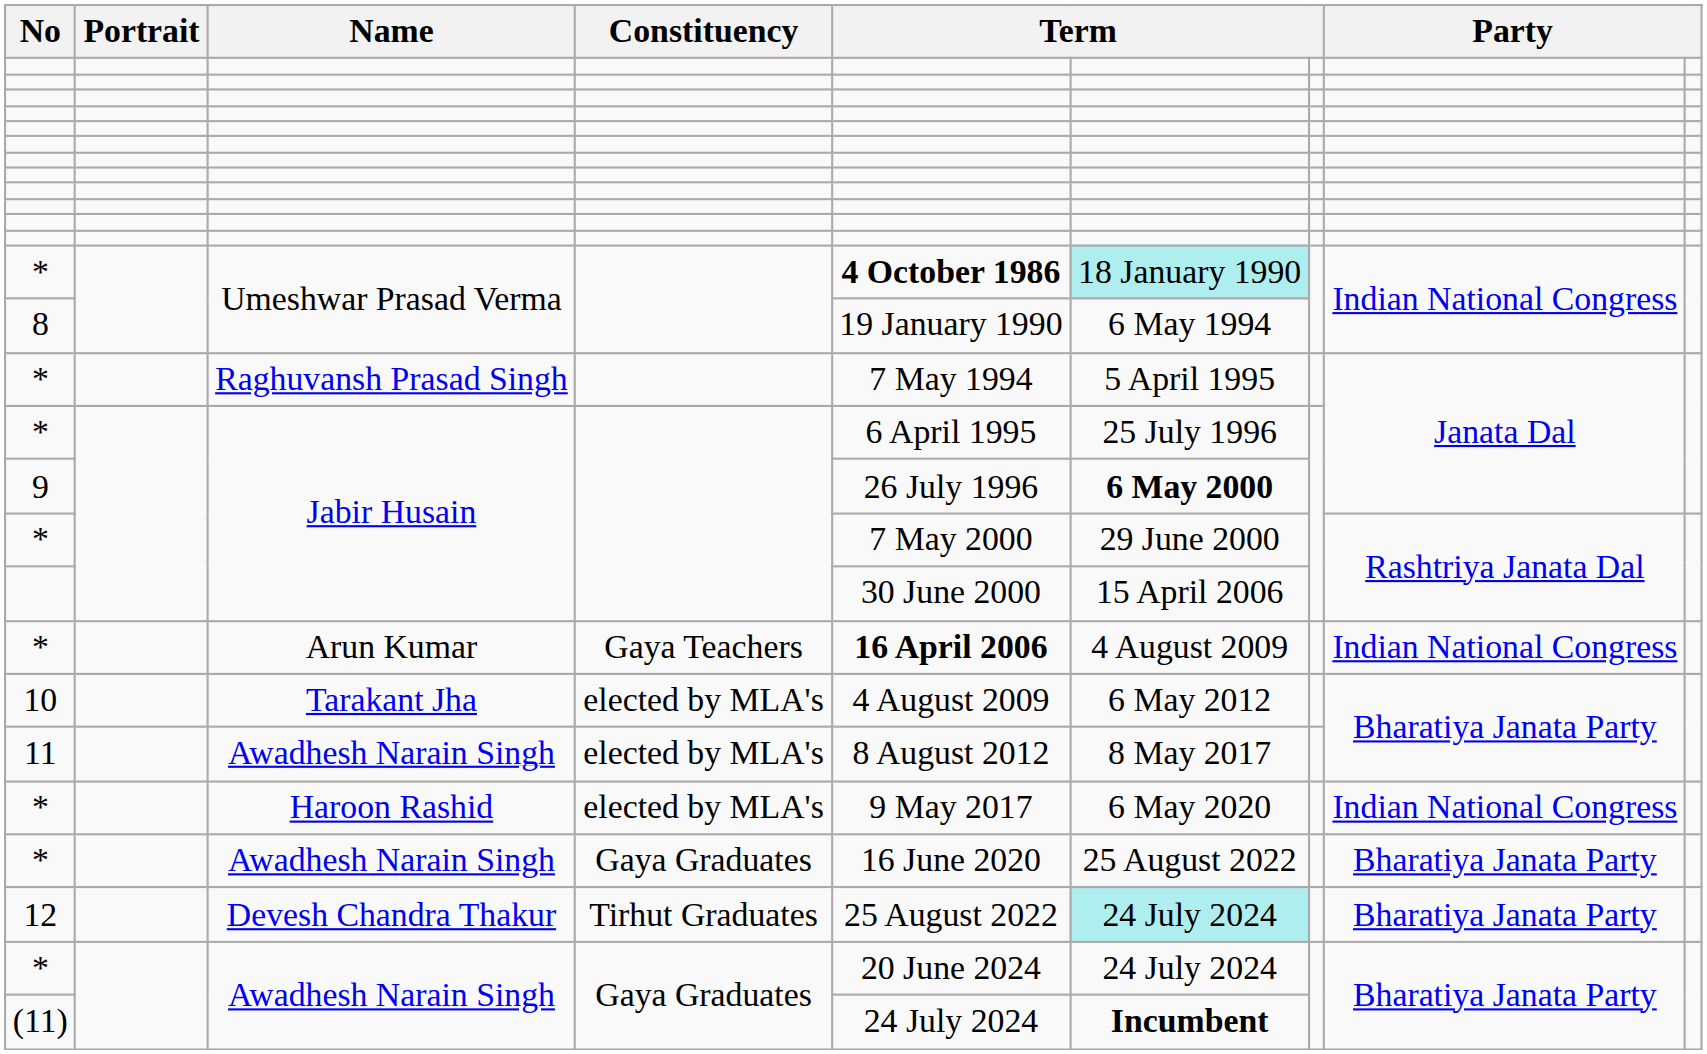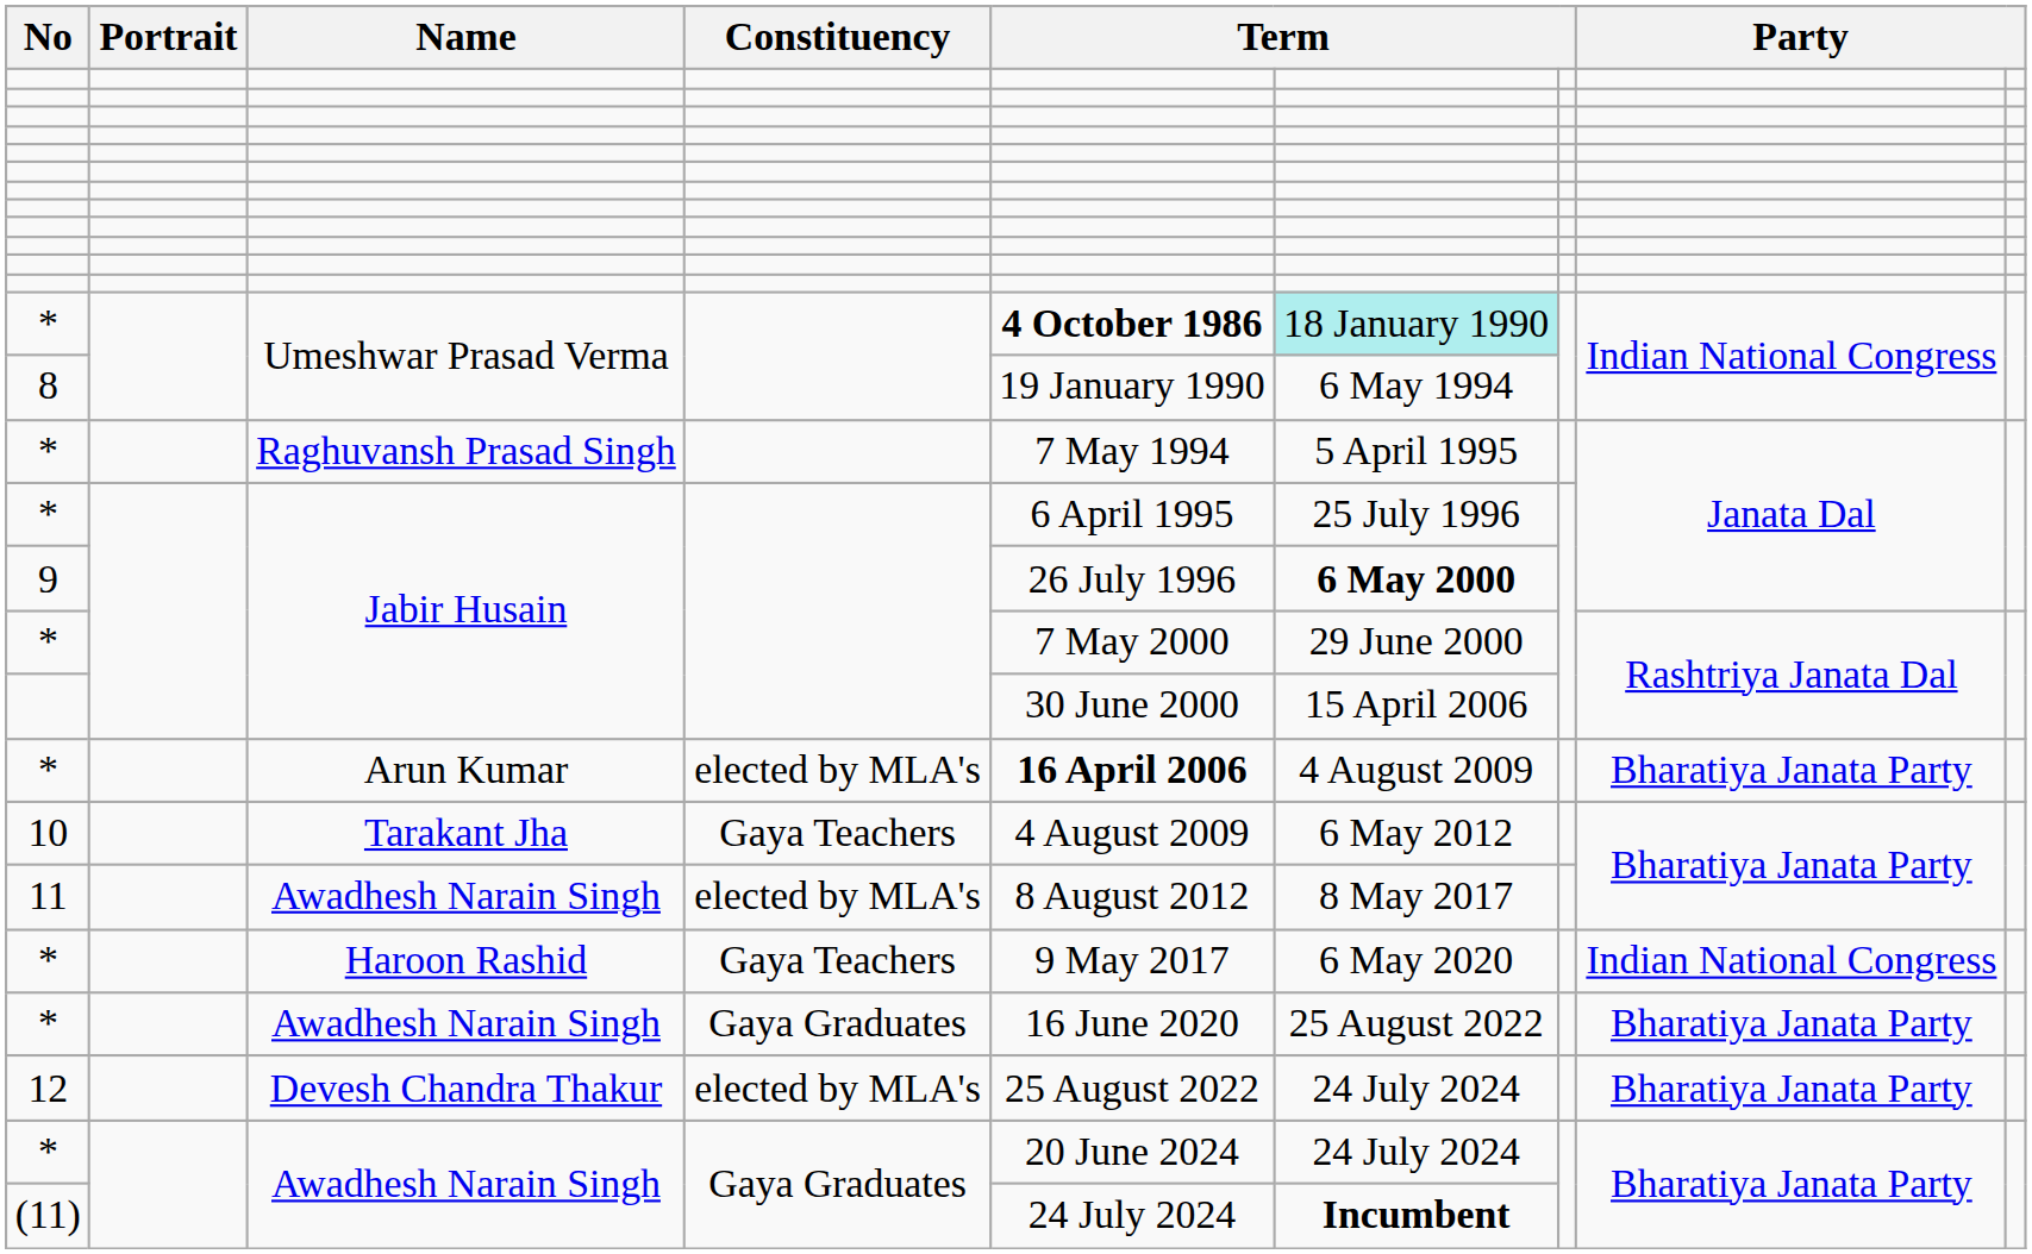 <table class="wikitable" style="text-align:center">
 <tr>
 <th>No</th>
 <th>Portrait</th>
 <th>Name</th>
 <th>Constituency</th>
 <th colspan="3">Term</th>
 <th colspan="2">Party</th>
 </tr>
 <tr>
 <td></td>
 <td></td>
 <td></td>
 <td></td>
 <td></td>
 <td></td>
 <td></td>
 <td></td>
 <td></td>
 </tr>
 <tr>
 <td></td>
 <td></td>
 <td></td>
 <td></td>
 <td></td>
 <td></td>
 <td></td>
 <td></td>
 <td></td>
 </tr>
 <tr>
 <td></td>
 <td></td>
 <td></td>
 <td></td>
 <td></td>
 <td></td>
 <td></td>
 <td></td>
 <td></td>
 </tr>
 <tr>
 <td></td>
 <td></td>
 <td></td>
 <td></td>
 <td></td>
 <td></td>
 <td></td>
 <td></td>
 <td></td>
 </tr>
 <tr>
 <td></td>
 <td></td>
 <td></td>
 <td></td>
 <td></td>
 <td></td>
 <td></td>
 <td></td>
 <td></td>
 </tr>
 <tr>
 <td></td>
 <td></td>
 <td></td>
 <td></td>
 <td></td>
 <td></td>
 <td></td>
 <td></td>
 <td></td>
 </tr>
 <tr>
 <td></td>
 <td></td>
 <td></td>
 <td></td>
 <td></td>
 <td></td>
 <td></td>
 <td></td>
 <td></td>
 </tr>
 <tr>
 <td></td>
 <td></td>
 <td></td>
 <td></td>
 <td></td>
 <td></td>
 <td></td>
 <td></td>
 <td></td>
 </tr>
 <tr>
 <td></td>
 <td></td>
 <td></td>
 <td></td>
 <td></td>
 <td></td>
 <td></td>
 <td></td>
 <td></td>
 </tr>
 <tr>
 <td></td>
 <td></td>
 <td></td>
 <td></td>
 <td></td>
 <td></td>
 <td></td>
 <td></td>
 <td></td>
 </tr>
 <tr>
 <td></td>
 <td></td>
 <td></td>
 <td></td>
 <td></td>
 <td></td>
 <td></td>
 <td></td>
 <td></td>
 </tr>
 <tr>
 <td></td>
 <td></td>
 <td></td>
 <td></td>
 <td></td>
 <td></td>
 <td></td>
 <td></td>
 <td></td>
 </tr>
 <tr>
 <td>*</td>
 <td rowspan="2"></td>
 <td rowspan="2">Umeshwar Prasad Verma</td>
 <td rowspan="2"></td>
 <td><strong>4 October 1986</strong></td>
 <td style="background: paleturquoise;">18 January 1990</td>
 <td rowspan="2"></td>
 <td rowspan="2"><a href='#'>Indian National Congress</a></td>
 <td rowspan="2" style="background-color: "></td>
 </tr>
 <tr>
 <td>8</td>
 <td>19 January 1990</td>
 <td>6 May 1994</td>
 </tr>
 <tr>
 <td>*</td>
 <td></td>
 <td><a href='#'>Raghuvansh Prasad Singh</a></td>
 <td></td>
 <td>7 May 1994</td>
 <td>5 April 1995</td>
 <td></td>
 <td rowspan="3"><a href='#'>Janata Dal</a></td>
 <td rowspan="3" style="background-color: "></td>
 </tr>
 <tr>
 <td>*</td>
 <td rowspan="4"></td>
 <td rowspan="4"><a href='#'>Jabir Husain</a></td>
 <td rowspan="4"></td>
 <td>6 April 1995</td>
 <td>25 July 1996</td>
 <td rowspan="4"></td>
 </tr>
 <tr>
 <td>9</td>
 <td>26 July 1996</td>
 <td><strong>6 May 2000</strong></td>
 </tr>
 <tr>
 <td>*</td>
 <td>7 May 2000</td>
 <td>29 June 2000</td>
 <td rowspan="2"><a href='#'>Rashtriya Janata Dal</a></td>
 <td rowspan="2" style="background-color: "></td>
 </tr>
 <tr>
 <td></td>
 <td>30 June 2000</td>
 <td>15 April 2006</td>
 </tr>
 <tr>
 <td>*</td>
 <td></td>
 <td>Arun Kumar</td>
-<td>Gaya Teachers</td>
+<td>elected by MLA's</td>
 <td><strong>16 April 2006</strong></td>
 <td>4 August 2009</td>
 <td></td>
-<td><a href='#'>Indian National Congress</a></td>
+<td><a href='#'>Bharatiya Janata Party</a></td>
 <td style="background-color: "></td>
 </tr>
 <tr>
 <td>10</td>
 <td></td>
 <td><a href='#'>Tarakant Jha</a></td>
-<td>elected by MLA's</td>
+<td>Gaya Teachers</td>
 <td>4 August 2009</td>
 <td>6 May 2012</td>
 <td></td>
 <td rowspan="2"><a href='#'>Bharatiya Janata Party</a></td>
 <td rowspan="2" style="background-color: "></td>
 </tr>
 <tr>
 <td>11</td>
 <td></td>
 <td><a href='#'>Awadhesh Narain Singh</a></td>
 <td>elected by MLA's</td>
 <td>8 August 2012</td>
 <td>8 May 2017</td>
 <td></td>
 </tr>
 <tr>
 <td>*</td>
 <td></td>
 <td><a href='#'>Haroon Rashid</a></td>
-<td>elected by MLA's</td>
+<td>Gaya Teachers</td>
 <td>9 May 2017</td>
 <td>6 May 2020</td>
 <td></td>
 <td><a href='#'>Indian National Congress</a></td>
 <td style="background-color:"></td>
 </tr>
 <tr>
 <td>*</td>
 <td></td>
 <td><a href='#'>Awadhesh Narain Singh</a></td>
 <td>Gaya Graduates</td>
 <td>16 June 2020</td>
 <td>25 August 2022</td>
 <td></td>
 <td><a href='#'>Bharatiya Janata Party</a></td>
 <td style="background-color:"></td>
 </tr>
 <tr>
 <td>12</td>
 <td></td>
 <td><a href='#'>Devesh Chandra Thakur</a></td>
-<td>Tirhut Graduates</td>
+<td>elected by MLA's</td>
 <td>25 August 2022</td>
-<td style="background: paleturquoise;">24 July 2024</td>
+<td>24 July 2024</td>
 <td></td>
 <td><a href='#'>Bharatiya Janata Party</a></td>
 <td style="background-color:"></td>
 </tr>
 <tr>
 <td>*</td>
 <td rowspan="2"></td>
 <td rowspan="2"><a href='#'>Awadhesh Narain Singh</a></td>
 <td rowspan="2">Gaya Graduates</td>
 <td>20 June 2024</td>
 <td>24 July 2024</td>
 <td rowspan="2"></td>
 <td rowspan="2"><a href='#'>Bharatiya Janata Party</a></td>
 <td rowspan="2" style="background-color: "></td>
 </tr>
 <tr>
 <td>(11)</td>
 <td>24 July 2024</td>
 <td><strong>Incumbent</strong></td>
 </tr>
 </table>
